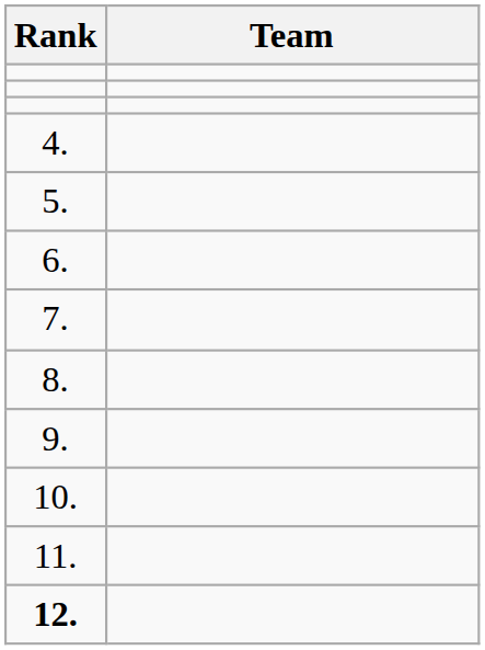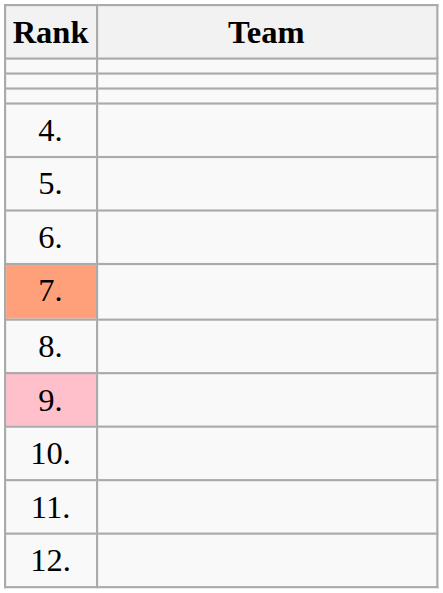 <table class="wikitable sortable" style="font-size:95%;">
 <tr>
 <th>Rank</th>
 <th align="left" style="width: 10em">Team</th>
 </tr>
 <tr>
 <td align="center"></td>
 <td></td>
 </tr>
 <tr>
 <td align="center"></td>
 <td></td>
 </tr>
 <tr>
 <td align="center"></td>
 <td></td>
 </tr>
 <tr>
 <td rowspan=1 align="center">4.</td>
 <td></td>
 </tr>
 <tr>
 <td rowspan=1 align="center">5.</td>
 <td></td>
 </tr>
 <tr>
 <td rowspan=1 align="center">6.</td>
 <td></td>
 </tr>
 <tr>
-<td rowspan=1 align="center">7.</td>
+<td rowspan=1 align="center" style="background: lightsalmon;">7.</td>
 <td></td>
 </tr>
 <tr>
 <td rowspan=1 align="center">8.</td>
 <td></td>
 </tr>
 <tr>
-<td rowspan=1 align="center">9.</td>
+<td rowspan=1 align="center" style="background: pink;">9.</td>
 <td></td>
 </tr>
 <tr>
 <td rowspan=1 align="center">10.</td>
 <td></td>
 </tr>
 <tr>
 <td rowspan=1 align="center">11.</td>
 <td></td>
 </tr>
 <tr>
-<td rowspan=1 align="center"><strong>12.</strong></td>
+<td rowspan=1 align="center">12.</td>
 <td></td>
 </tr>
 </table>
